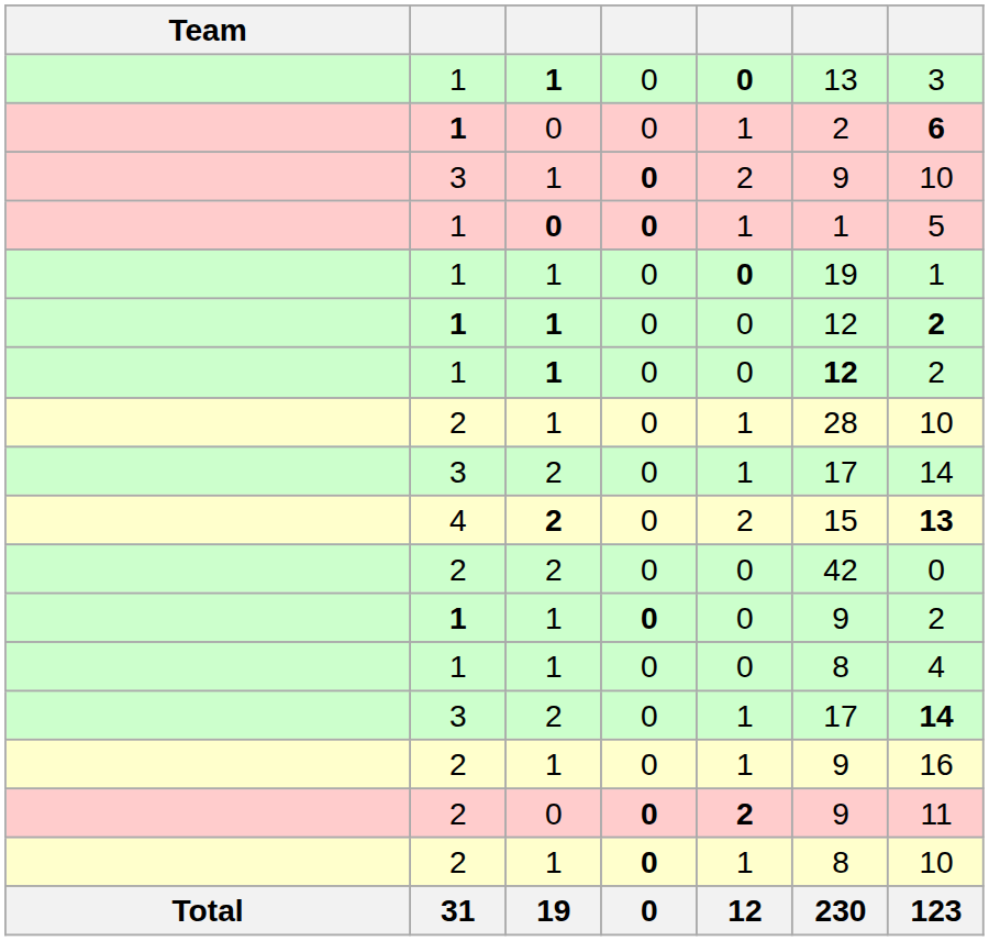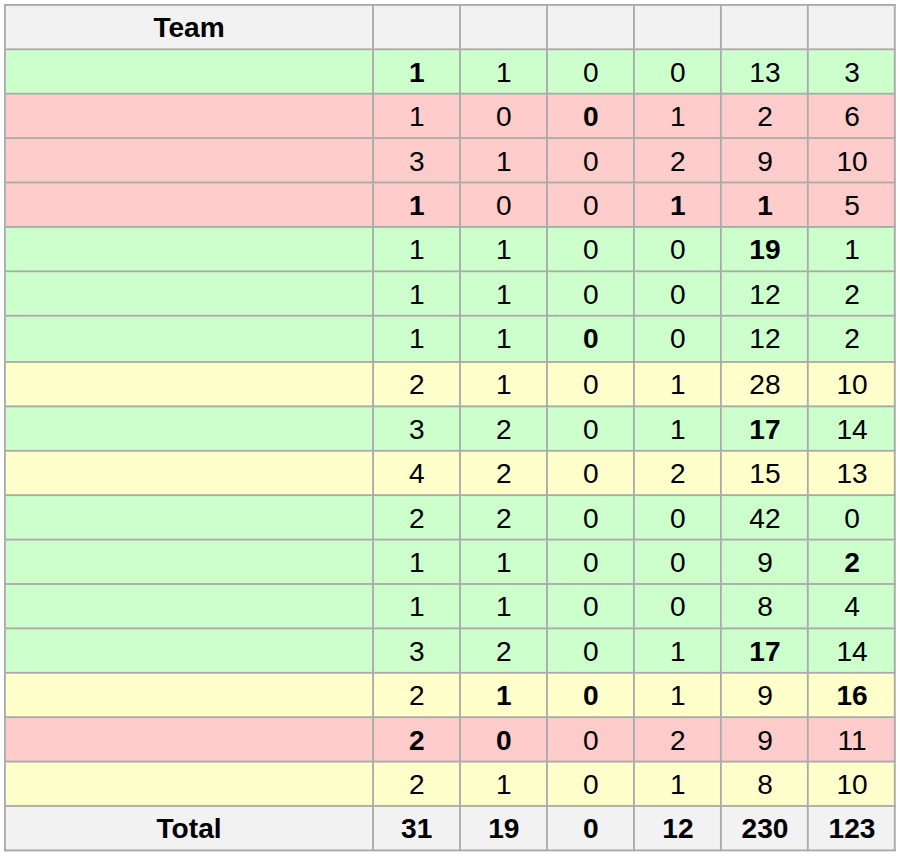 <table class="wikitable" style="font-size:95%; text-align:center">
 <tr>
 <th width=192>Team</th>
 <th width=40></th>
 <th width=40></th>
 <th width=40></th>
 <th width=40></th>
 <th width=40></th>
 <th width=40></th>
 </tr>
 <tr bgcolor=#CCFFCC>
 <td style="text-align:left;"></td>
+<td><strong>1</strong></td>
 <td>1</td>
-<td><strong>1</strong></td>
+<td>0</td>
+<td>0</td>
+<td>13</td>
+<td>3</td>
+</tr>
+<tr bgcolor=#FFCCCC>
+<td style="text-align:left;"></td>
+<td>1</td>
 <td>0</td>
 <td><strong>0</strong></td>
-<td>13</td>
+<td>1</td>
+<td>2</td>
+<td>6</td>
+</tr>
+<tr bgcolor=#FFCCCC>
+<td style="text-align:left;"></td>
 <td>3</td>
+<td>1</td>
+<td>0</td>
+<td>2</td>
+<td>9</td>
+<td>10</td>
 </tr>
 <tr bgcolor=#FFCCCC>
 <td style="text-align:left;"></td>
 <td><strong>1</strong></td>
 <td>0</td>
 <td>0</td>
-<td>1</td>
-<td>2</td>
-<td><strong>6</strong></td>
-</tr>
-<tr bgcolor=#FFCCCC>
-<td style="text-align:left;"></td>
-<td>3</td>
-<td>1</td>
-<td><strong>0</strong></td>
-<td>2</td>
-<td>9</td>
-<td>10</td>
-</tr>
-<tr bgcolor=#FFCCCC>
-<td style="text-align:left;"></td>
-<td>1</td>
-<td><strong>0</strong></td>
-<td><strong>0</strong></td>
-<td>1</td>
-<td>1</td>
+<td><strong>1</strong></td>
+<td><strong>1</strong></td>
 <td>5</td>
 </tr>
 <tr bgcolor=#CCFFCC>
 <td style="text-align:left;"></td>
 <td>1</td>
 <td>1</td>
 <td>0</td>
-<td><strong>0</strong></td>
-<td>19</td>
+<td>0</td>
+<td><strong>19</strong></td>
 <td>1</td>
 </tr>
 <tr bgcolor=#CCFFCC>
 <td style="text-align:left;"></td>
-<td><strong>1</strong></td>
-<td><strong>1</strong></td>
+<td>1</td>
+<td>1</td>
 <td>0</td>
 <td>0</td>
 <td>12</td>
-<td><strong>2</strong></td>
+<td>2</td>
 </tr>
 <tr bgcolor=#CCFFCC>
 <td style="text-align:left;"></td>
 <td>1</td>
-<td><strong>1</strong></td>
+<td>1</td>
+<td><strong>0</strong></td>
 <td>0</td>
-<td>0</td>
-<td><strong>12</strong></td>
+<td>12</td>
 <td>2</td>
 </tr>
 <tr bgcolor=#FFFFCC>
 <td style="text-align:left;"></td>
 <td>2</td>
 <td>1</td>
 <td>0</td>
 <td>1</td>
 <td>28</td>
 <td>10</td>
 </tr>
 <tr bgcolor=#CCFFCC>
 <td style="text-align:left;"></td>
 <td>3</td>
 <td>2</td>
 <td>0</td>
 <td>1</td>
-<td>17</td>
+<td><strong>17</strong></td>
 <td>14</td>
 </tr>
 <tr bgcolor=#FFFFCC>
 <td style="text-align:left;"></td>
 <td>4</td>
-<td><strong>2</strong></td>
+<td>2</td>
 <td>0</td>
 <td>2</td>
 <td>15</td>
-<td><strong>13</strong></td>
+<td>13</td>
 </tr>
 <tr bgcolor=#CCFFCC>
 <td style="text-align:left;"></td>
 <td>2</td>
 <td>2</td>
 <td>0</td>
 <td>0</td>
 <td>42</td>
 <td>0</td>
 </tr>
 <tr bgcolor=#CCFFCC>
 <td style="text-align:left;"></td>
-<td><strong>1</strong></td>
 <td>1</td>
-<td><strong>0</strong></td>
+<td>1</td>
+<td>0</td>
 <td>0</td>
 <td>9</td>
-<td>2</td>
+<td><strong>2</strong></td>
 </tr>
 <tr bgcolor=#CCFFCC>
 <td style="text-align:left;"></td>
 <td>1</td>
 <td>1</td>
 <td>0</td>
 <td>0</td>
 <td>8</td>
 <td>4</td>
 </tr>
 <tr bgcolor=#CCFFCC>
 <td style="text-align:left;"></td>
 <td>3</td>
 <td>2</td>
 <td>0</td>
 <td>1</td>
-<td>17</td>
-<td><strong>14</strong></td>
+<td><strong>17</strong></td>
+<td>14</td>
 </tr>
 <tr bgcolor=#FFFFCC>
 <td style="text-align:left;"></td>
 <td>2</td>
-<td>1</td>
-<td>0</td>
+<td><strong>1</strong></td>
+<td><strong>0</strong></td>
 <td>1</td>
 <td>9</td>
-<td>16</td>
+<td><strong>16</strong></td>
 </tr>
 <tr bgcolor=#FFCCCC>
 <td style="text-align:left;"></td>
+<td><strong>2</strong></td>
+<td><strong>0</strong></td>
+<td>0</td>
 <td>2</td>
-<td>0</td>
-<td><strong>0</strong></td>
-<td><strong>2</strong></td>
 <td>9</td>
 <td>11</td>
 </tr>
 <tr bgcolor=#FFFFCC>
 <td style="text-align:left;"></td>
 <td>2</td>
 <td>1</td>
-<td><strong>0</strong></td>
+<td>0</td>
 <td>1</td>
 <td>8</td>
 <td>10</td>
 </tr>
 <tr>
 <th>Total</th>
 <th>31</th>
 <th>19</th>
 <th>0</th>
 <th>12</th>
 <th>230</th>
 <th>123</th>
 </tr>
 </table>
